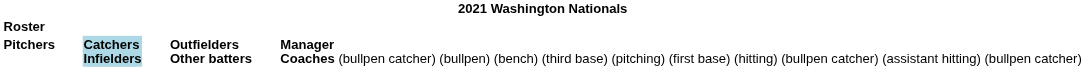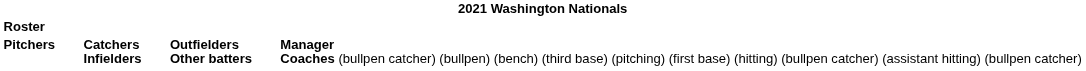 <table class="toccolours" style="font-size: 95%;">
 <tr>
 <th colspan="10">2021 Washington Nationals</th>
 </tr>
 <tr>
 <td colspan="10"><strong>Roster</strong></td>
 </tr>
 <tr>
 <td valign="top"><strong>Pitchers</strong><br>                               </td>
 <td width="25px"></td>
-<td valign="top" style="background: lightblue;"><strong>Catchers</strong><br>        <strong>Infielders</strong>            </td>
+<td valign="top"><strong>Catchers</strong><br>        <strong>Infielders</strong>            </td>
 <td width="25px"></td>
 <td valign="top"><strong>Outfielders</strong><br>       <strong>Other batters</strong> </td>
 <td width="25px"></td>
 <td valign="top"><strong>Manager</strong><br> <strong>Coaches</strong>  (bullpen catcher)  (bullpen)  (bench)  (third base)  (pitching)  (first base)  (hitting)  (bullpen catcher)  (assistant hitting)  (bullpen catcher)</td>
 </tr>
 <tr>
 </tr>
 </table>
